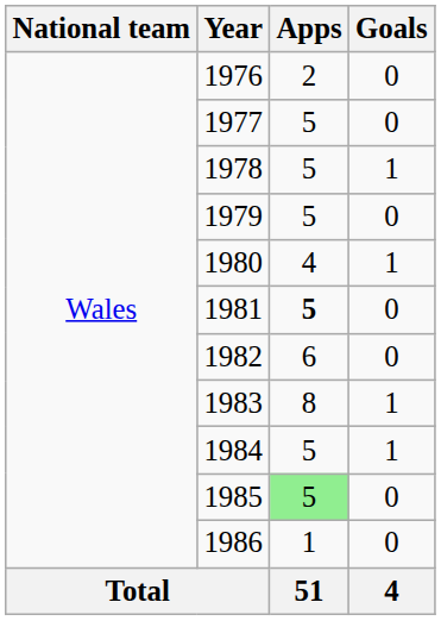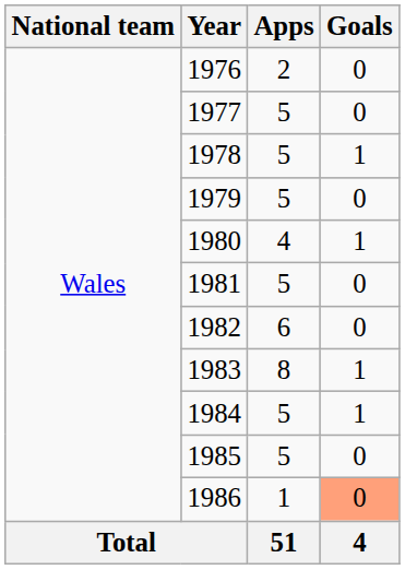 <table class=wikitable style="text-align: center">
 <tr>
 <th>National team</th>
 <th>Year</th>
 <th>Apps</th>
 <th>Goals</th>
 </tr>
 <tr>
 <td rowspan=11><a href='#'>Wales</a></td>
 <td>1976</td>
 <td>2</td>
 <td>0</td>
 </tr>
 <tr>
 <td>1977</td>
 <td>5</td>
 <td>0</td>
 </tr>
 <tr>
 <td>1978</td>
 <td>5</td>
 <td>1</td>
 </tr>
 <tr>
 <td>1979</td>
 <td>5</td>
 <td>0</td>
 </tr>
 <tr>
 <td>1980</td>
 <td>4</td>
 <td>1</td>
 </tr>
 <tr>
 <td>1981</td>
-<td><strong>5</strong></td>
+<td>5</td>
 <td>0</td>
 </tr>
 <tr>
 <td>1982</td>
 <td>6</td>
 <td>0</td>
 </tr>
 <tr>
 <td>1983</td>
 <td>8</td>
 <td>1</td>
 </tr>
 <tr>
 <td>1984</td>
 <td>5</td>
 <td>1</td>
 </tr>
 <tr>
 <td>1985</td>
-<td style="background: lightgreen;">5</td>
+<td>5</td>
 <td>0</td>
 </tr>
 <tr>
 <td>1986</td>
 <td>1</td>
-<td>0</td>
+<td style="background: lightsalmon;">0</td>
 </tr>
 <tr>
 <th colspan=2>Total</th>
 <th>51</th>
 <th>4</th>
 </tr>
 </table>
